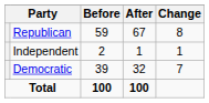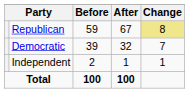 <table class="wikitable" style="text-align:center;">
 <tr>
 </tr>
 <tr>
 <th colspan=2>Party</th>
 <th>Before</th>
 <th>After</th>
 <th>Change</th>
 </tr>
 <tr>
 <th style="background-color:"></th>
 <td style="text-align:left;"><a href='#'>Republican</a></td>
 <td>59</td>
 <td>67</td>
-<td> 8</td>
+<td style="background: khaki;"> 8</td>
+</tr>
+<tr>
+<th style="background-color:"></th>
+<td style="text-align:left;"><a href='#'>Democratic</a></td>
+<td>39</td>
+<td>32</td>
+<td> 7</td>
 </tr>
 <tr>
 <th style="background-color:"></th>
 <td style="text-align:left;">Independent</td>
 <td>2</td>
 <td>1</td>
 <td> 1</td>
 </tr>
 <tr>
-<th style="background-color:"></th>
-<td style="text-align:left;"><a href='#'>Democratic</a></td>
-<td>39</td>
-<td>32</td>
-<td> 7</td>
-</tr>
-<tr>
 <td colspan=2><strong>Total</strong></td>
 <td><strong>100</strong></td>
 <td><strong>100</strong></td>
 </tr>
 </table>
